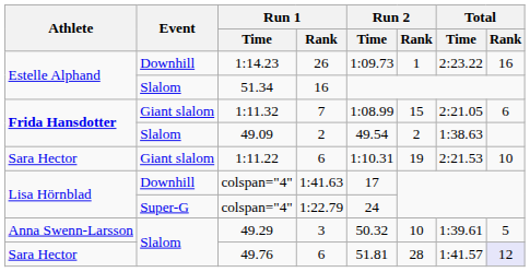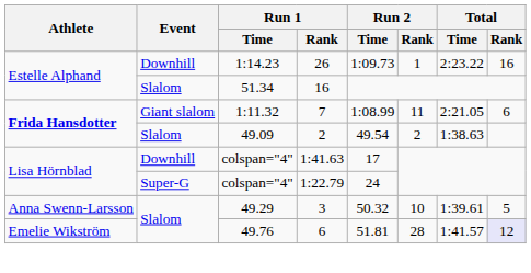 <table class="wikitable" style="font-size:90%">
 <tr>
 <th rowspan=2>Athlete</th>
 <th rowspan=2>Event</th>
 <th colspan=2>Run 1</th>
 <th colspan=2>Run 2</th>
 <th colspan=2>Total</th>
 </tr>
 <tr style="font-size:95%">
 <th>Time</th>
 <th>Rank</th>
 <th>Time</th>
 <th>Rank</th>
 <th>Time</th>
 <th>Rank</th>
 </tr>
 <tr align=center>
 <td align="left" rowspan="2"><a href='#'>Estelle Alphand</a></td>
 <td align="left"><a href='#'>Downhill</a></td>
 <td>1:14.23</td>
 <td>26</td>
 <td>1:09.73</td>
 <td>1</td>
 <td>2:23.22</td>
 <td>16</td>
 </tr>
 <tr align=center>
 <td align="left"><a href='#'>Slalom</a></td>
 <td>51.34</td>
 <td>16</td>
 <td colspan=4></td>
 </tr>
 <tr align=center>
 <td align="left" rowspan="2"><strong><a href='#'>Frida Hansdotter</a></strong></td>
 <td align="left"><a href='#'>Giant slalom</a></td>
 <td>1:11.32</td>
 <td>7</td>
 <td>1:08.99</td>
-<td>15</td>
+<td>11</td>
 <td>2:21.05</td>
 <td>6</td>
 </tr>
 <tr align=center>
 <td align="left"><a href='#'>Slalom</a></td>
 <td>49.09</td>
 <td>2</td>
 <td>49.54</td>
 <td>2</td>
 <td>1:38.63</td>
 <td></td>
-</tr>
-<tr align=center>
-<td align="left"><a href='#'>Sara Hector</a></td>
-<td align="left"><a href='#'>Giant slalom</a></td>
-<td>1:11.22</td>
-<td>6</td>
-<td>1:10.31</td>
-<td>19</td>
-<td>2:21.53</td>
-<td>10</td>
 </tr>
 <tr align=center>
 <td align="left" rowspan="2"><a href='#'>Lisa Hörnblad</a></td>
 <td align="left"><a href='#'>Downhill</a></td>
 <td>colspan="4" </td>
 <td>1:41.63</td>
 <td>17</td>
 </tr>
 <tr align=center>
 <td align="left"><a href='#'>Super-G</a></td>
 <td>colspan="4" </td>
 <td>1:22.79</td>
 <td>24</td>
 </tr>
 <tr align=center>
 <td align="left"><a href='#'>Anna Swenn-Larsson</a></td>
 <td align="left" rowspan=2><a href='#'>Slalom</a></td>
 <td>49.29</td>
 <td>3</td>
 <td>50.32</td>
 <td>10</td>
 <td>1:39.61</td>
 <td>5</td>
 </tr>
 <tr align=center>
-<td align="left"><a href='#'>Sara Hector</a></td>
+<td align="left"><a href='#'>Emelie Wikström</a></td>
 <td>49.76</td>
 <td>6</td>
 <td>51.81</td>
 <td>28</td>
 <td>1:41.57</td>
 <td style="background: lavender;">12</td>
 </tr>
 </table>
